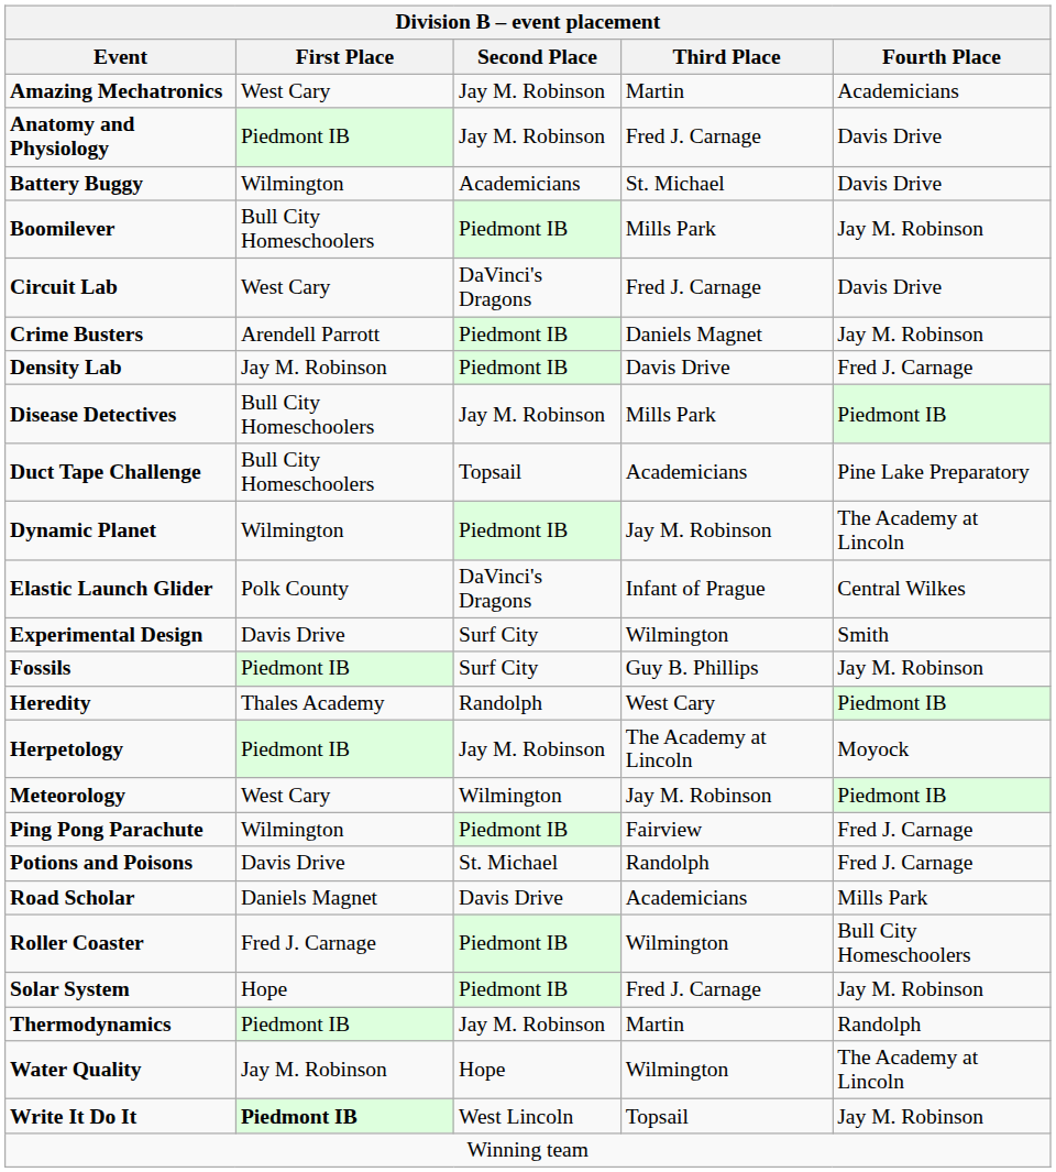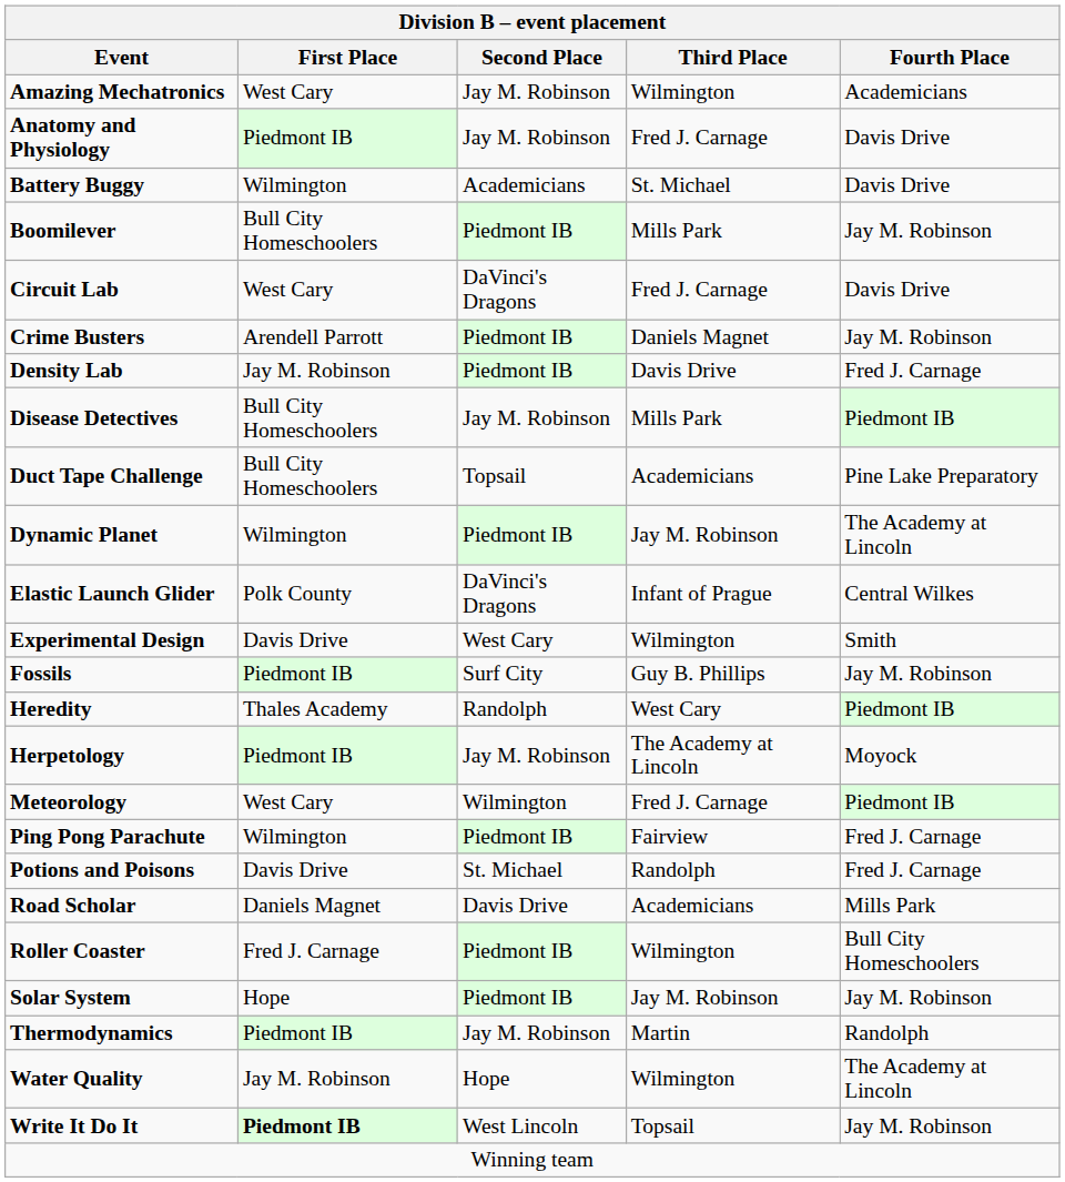 <table class="wikitable collapsible collapsed" style="float:left; width:780px">
 <tr>
 <th colspan=5>Division B – event placement</th>
 </tr>
 <tr>
 <th>Event</th>
 <th>First Place</th>
 <th>Second Place</th>
 <th>Third Place</th>
 <th>Fourth Place</th>
 </tr>
 <tr>
 <td><strong>Amazing Mechatronics</strong></td>
 <td>West Cary</td>
 <td>Jay M. Robinson</td>
-<td>Martin</td>
+<td>Wilmington</td>
 <td>Academicians</td>
 </tr>
 <tr>
 <td><strong>Anatomy and Physiology</strong></td>
 <td style="background:#ddffdd">Piedmont IB</td>
 <td>Jay M. Robinson</td>
 <td>Fred J. Carnage</td>
 <td>Davis Drive</td>
 </tr>
 <tr>
 <td><strong>Battery Buggy</strong></td>
 <td>Wilmington</td>
 <td>Academicians</td>
 <td>St. Michael</td>
 <td>Davis Drive</td>
 </tr>
 <tr>
 <td><strong>Boomilever</strong></td>
 <td>Bull City Homeschoolers</td>
 <td style="background:#ddffdd">Piedmont IB</td>
 <td>Mills Park</td>
 <td>Jay M. Robinson</td>
 </tr>
 <tr>
 <td><strong>Circuit Lab</strong></td>
 <td>West Cary</td>
 <td>DaVinci's Dragons</td>
 <td>Fred J. Carnage</td>
 <td>Davis Drive</td>
 </tr>
 <tr>
 <td><strong>Crime Busters</strong></td>
 <td>Arendell Parrott</td>
 <td style="background:#ddffdd">Piedmont IB</td>
 <td>Daniels Magnet</td>
 <td>Jay M. Robinson</td>
 </tr>
 <tr>
 <td><strong>Density Lab</strong></td>
 <td>Jay M. Robinson</td>
 <td style="background:#ddffdd">Piedmont IB</td>
 <td>Davis Drive</td>
 <td>Fred J. Carnage</td>
 </tr>
 <tr>
 <td><strong>Disease Detectives</strong></td>
 <td>Bull City Homeschoolers</td>
 <td>Jay M. Robinson</td>
 <td>Mills Park</td>
 <td style="background:#ddffdd">Piedmont IB</td>
 </tr>
 <tr>
 <td><strong>Duct Tape Challenge</strong></td>
 <td>Bull City Homeschoolers</td>
 <td>Topsail</td>
 <td>Academicians</td>
 <td>Pine Lake Preparatory</td>
 </tr>
 <tr>
 <td><strong>Dynamic Planet</strong></td>
 <td>Wilmington</td>
 <td style="background:#ddffdd">Piedmont IB</td>
 <td>Jay M. Robinson</td>
 <td>The Academy at Lincoln</td>
 </tr>
 <tr>
 <td><strong>Elastic Launch Glider</strong></td>
 <td>Polk County</td>
 <td>DaVinci's Dragons</td>
 <td>Infant of Prague</td>
 <td>Central Wilkes</td>
 </tr>
 <tr>
 <td><strong>Experimental Design</strong></td>
 <td>Davis Drive</td>
-<td>Surf City</td>
+<td>West Cary</td>
 <td>Wilmington</td>
 <td>Smith</td>
 </tr>
 <tr>
 <td><strong>Fossils</strong></td>
 <td style="background:#ddffdd">Piedmont IB</td>
 <td>Surf City</td>
 <td>Guy B. Phillips</td>
 <td>Jay M. Robinson</td>
 </tr>
 <tr>
 <td><strong>Heredity</strong></td>
 <td>Thales Academy</td>
 <td>Randolph</td>
 <td>West Cary</td>
 <td style="background:#ddffdd">Piedmont IB</td>
 </tr>
 <tr>
 <td><strong>Herpetology</strong></td>
 <td style="background:#ddffdd">Piedmont IB</td>
 <td>Jay M. Robinson</td>
 <td>The Academy at Lincoln</td>
 <td>Moyock</td>
 </tr>
 <tr>
 <td><strong>Meteorology</strong></td>
 <td>West Cary</td>
 <td>Wilmington</td>
-<td>Jay M. Robinson</td>
+<td>Fred J. Carnage</td>
 <td style="background:#ddffdd">Piedmont IB</td>
 </tr>
 <tr>
 <td><strong>Ping Pong Parachute</strong></td>
 <td>Wilmington</td>
 <td style="background:#ddffdd">Piedmont IB</td>
 <td>Fairview</td>
 <td>Fred J. Carnage</td>
 </tr>
 <tr>
 <td><strong>Potions and Poisons</strong></td>
 <td>Davis Drive</td>
 <td>St. Michael</td>
 <td>Randolph</td>
 <td>Fred J. Carnage</td>
 </tr>
 <tr>
 <td><strong>Road Scholar</strong></td>
 <td>Daniels Magnet</td>
 <td>Davis Drive</td>
 <td>Academicians</td>
 <td>Mills Park</td>
 </tr>
 <tr>
 <td><strong>Roller Coaster</strong></td>
 <td>Fred J. Carnage</td>
 <td style="background:#ddffdd">Piedmont IB</td>
 <td>Wilmington</td>
 <td>Bull City Homeschoolers</td>
 </tr>
 <tr>
 <td><strong>Solar System</strong></td>
 <td>Hope</td>
 <td style="background:#ddffdd">Piedmont IB</td>
-<td>Fred J. Carnage</td>
+<td>Jay M. Robinson</td>
 <td>Jay M. Robinson</td>
 </tr>
 <tr>
 <td><strong>Thermodynamics</strong></td>
 <td style="background:#ddffdd">Piedmont IB</td>
 <td>Jay M. Robinson</td>
 <td>Martin</td>
 <td>Randolph</td>
 </tr>
 <tr>
 <td><strong>Water Quality</strong></td>
 <td>Jay M. Robinson</td>
 <td>Hope</td>
 <td>Wilmington</td>
 <td>The Academy at Lincoln</td>
 </tr>
 <tr>
 <td><strong>Write It Do It</strong></td>
 <td style="background:#ddffdd"><strong>Piedmont IB</strong></td>
 <td>West Lincoln</td>
 <td>Topsail</td>
 <td>Jay M. Robinson</td>
 </tr>
 <tr>
 <td colspan=5 style=text-align:center> Winning team</td>
 </tr>
 </table>
